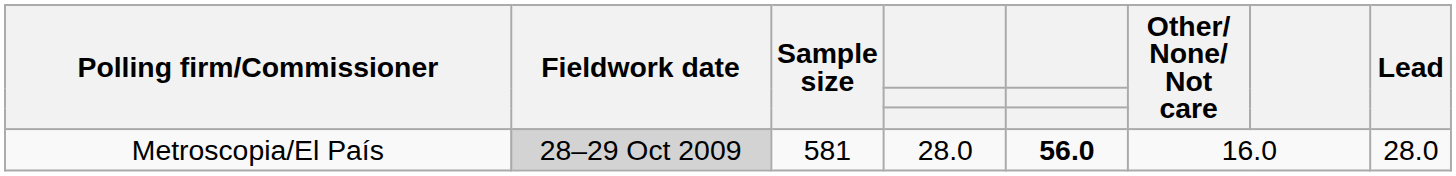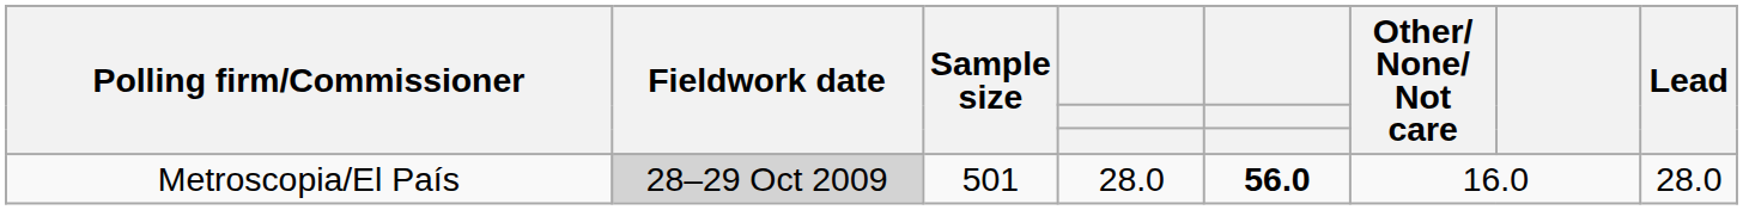 <table class="wikitable collapsible collapsed" style="text-align:center; font-size:90%; line-height:14px;">
 <tr style="height:42px;">
 <th style="width:250px;" rowspan="3">Polling firm/Commissioner</th>
 <th style="width:125px;" rowspan="3">Fieldwork date</th>
 <th style="width:50px;" rowspan="3">Sample size</th>
 <th style="width:55px;"></th>
 <th style="width:55px;"></th>
 <th style="width:55px;" rowspan="3">Other/<br>None/<br>Not<br>care</th>
 <th style="width:55px;" rowspan="3"></th>
 <th style="width:30px;" rowspan="3">Lead</th>
 </tr>
 <tr>
 <th style="color:inherit;background:"></th>
 <th style="color:inherit;background:"></th>
 </tr>
 <tr>
 <th></th>
 <th></th>
 </tr>
 <tr>
 <td>Metroscopia/El País</td>
 <td style="background: lightgrey;">28–29 Oct 2009</td>
-<td>581</td>
+<td>501</td>
 <td>28.0</td>
 <td><strong>56.0</strong></td>
 <td colspan="2">16.0</td>
 <td style="background:">28.0</td>
 </tr>
 </table>
